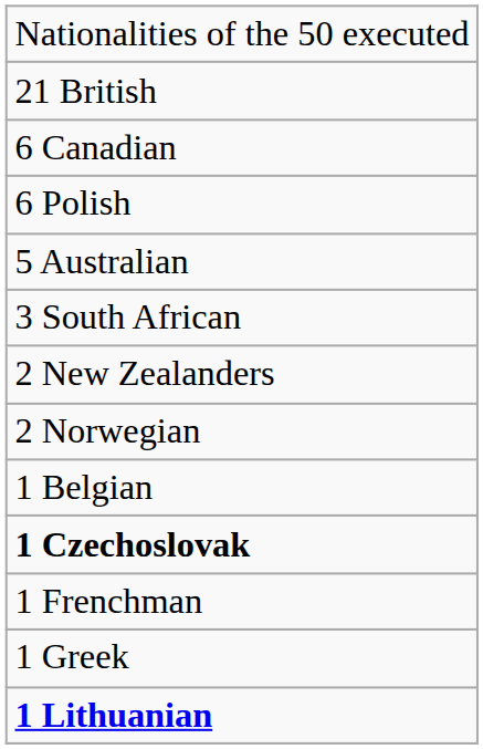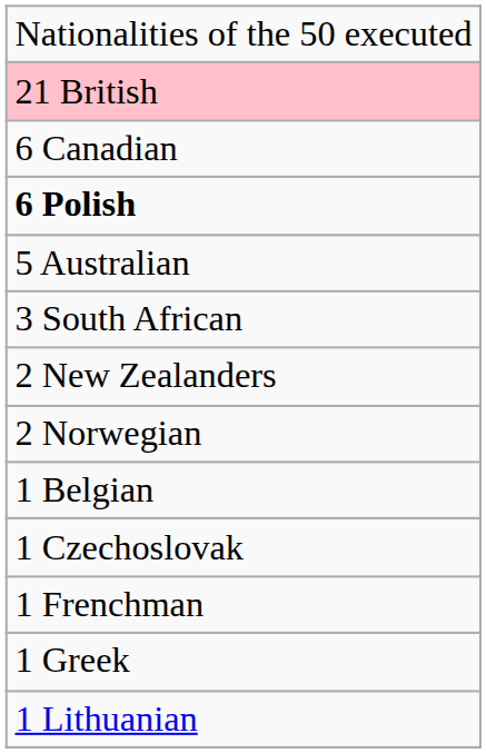 <table class="wikitable" align="right">
 <tr>
 <td>Nationalities of the 50 executed</td>
 </tr>
 <tr>
-<td> 21 British</td>
+<td style="background: pink;"> 21 British</td>
 </tr>
 <tr>
 <td> 6 Canadian</td>
 </tr>
 <tr>
-<td> 6 Polish</td>
+<td><strong> 6 Polish</strong></td>
 </tr>
 <tr>
 <td> 5 Australian</td>
 </tr>
 <tr>
 <td> 3 South African</td>
 </tr>
 <tr>
 <td> 2 New Zealanders</td>
 </tr>
 <tr>
 <td> 2 Norwegian</td>
 </tr>
 <tr>
 <td> 1 Belgian</td>
 </tr>
 <tr>
-<td><strong> 1 Czechoslovak</strong></td>
+<td> 1 Czechoslovak</td>
 </tr>
 <tr>
 <td> 1 Frenchman</td>
 </tr>
 <tr>
 <td> 1 Greek</td>
 </tr>
 <tr>
-<td><strong> <a href='#'>1 Lithuanian</a></strong></td>
+<td> <a href='#'>1 Lithuanian</a></td>
 </tr>
 </table>
